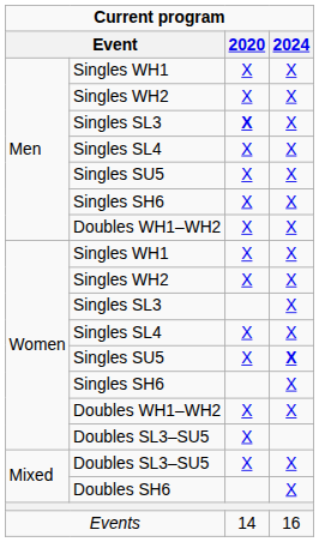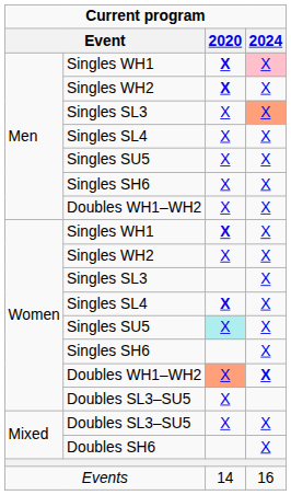 <table class="wikitable" style="text-align:center">
 <tr>
 <td colspan="4"><strong>Current program</strong></td>
 </tr>
 <tr>
 <th colspan="2">Event</th>
 <th><a href='#'>2020</a></th>
 <th><a href='#'>2024</a></th>
 </tr>
 <tr>
 <td align="left" rowspan="7">Men</td>
 <td align="left">Singles WH1</td>
-<td><a href='#'>X</a></td>
-<td><a href='#'>X</a></td>
+<td><strong><a href='#'>X</a></strong></td>
+<td style="background: pink;"><a href='#'>X</a></td>
 </tr>
 <tr>
 <td align="left">Singles WH2</td>
-<td><a href='#'>X</a></td>
+<td><strong><a href='#'>X</a></strong></td>
 <td><a href='#'>X</a></td>
 </tr>
 <tr>
 <td align="left">Singles SL3</td>
-<td><strong><a href='#'>X</a></strong></td>
 <td><a href='#'>X</a></td>
+<td style="background: lightsalmon;"><a href='#'>X</a></td>
 </tr>
 <tr>
 <td align="left">Singles SL4</td>
 <td><a href='#'>X</a></td>
 <td><a href='#'>X</a></td>
 </tr>
 <tr>
 <td align="left">Singles SU5</td>
 <td><a href='#'>X</a></td>
 <td><a href='#'>X</a></td>
 </tr>
 <tr>
 <td align="left">Singles SH6</td>
 <td><a href='#'>X</a></td>
 <td><a href='#'>X</a></td>
 </tr>
 <tr>
 <td align="left">Doubles WH1–WH2</td>
 <td><a href='#'>X</a></td>
 <td><a href='#'>X</a></td>
 </tr>
 <tr>
 <td align="left" rowspan="8">Women</td>
 <td align="left">Singles WH1</td>
-<td><a href='#'>X</a></td>
+<td><strong><a href='#'>X</a></strong></td>
 <td><a href='#'>X</a></td>
 </tr>
 <tr>
 <td align="left">Singles WH2</td>
 <td><a href='#'>X</a></td>
 <td><a href='#'>X</a></td>
 </tr>
 <tr>
 <td align="left">Singles SL3</td>
 <td></td>
 <td><a href='#'>X</a></td>
 </tr>
 <tr>
 <td align="left">Singles SL4</td>
-<td><a href='#'>X</a></td>
+<td><strong><a href='#'>X</a></strong></td>
 <td><a href='#'>X</a></td>
 </tr>
 <tr>
 <td align="left">Singles SU5</td>
+<td style="background: paleturquoise;"><a href='#'>X</a></td>
 <td><a href='#'>X</a></td>
-<td><strong><a href='#'>X</a></strong></td>
 </tr>
 <tr>
 <td align="left">Singles SH6</td>
 <td></td>
 <td><a href='#'>X</a></td>
 </tr>
 <tr>
 <td align="left">Doubles WH1–WH2</td>
-<td><a href='#'>X</a></td>
-<td><a href='#'>X</a></td>
+<td style="background: lightsalmon;"><a href='#'>X</a></td>
+<td><strong><a href='#'>X</a></strong></td>
 </tr>
 <tr>
 <td align="left">Doubles SL3–SU5</td>
 <td><a href='#'>X</a></td>
 </tr>
 <tr>
 <td align="left" rowspan="2">Mixed</td>
 <td align="left">Doubles SL3–SU5</td>
 <td><a href='#'>X</a></td>
 <td><a href='#'>X</a></td>
 </tr>
 <tr>
 <td align="left">Doubles SH6</td>
 <td></td>
 <td><a href='#'>X</a></td>
 </tr>
 <tr>
 <th colspan="4"></th>
 </tr>
 <tr>
 <td colspan="2"><em>Events</em></td>
 <td>14</td>
 <td>16</td>
 </tr>
 </table>
